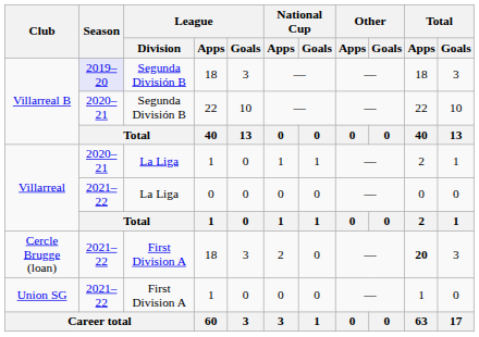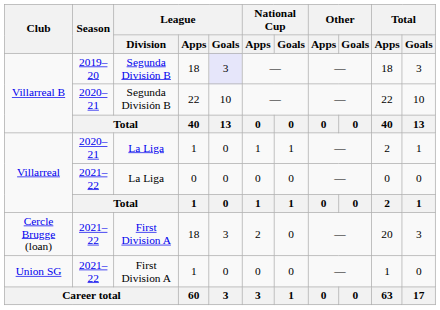 <table class="wikitable" style="text-align:center">
 <tr>
 <th rowspan="2">Club</th>
 <th rowspan="2">Season</th>
 <th colspan="3">League</th>
 <th colspan="2">National Cup</th>
 <th colspan="2">Other</th>
 <th colspan="2">Total</th>
 </tr>
 <tr>
 <th>Division</th>
 <th>Apps</th>
 <th>Goals</th>
 <th>Apps</th>
 <th>Goals</th>
 <th>Apps</th>
 <th>Goals</th>
 <th>Apps</th>
 <th>Goals</th>
 </tr>
 <tr>
 <td rowspan="3"><a href='#'>Villarreal B</a></td>
-<td style="background: lavender;"><a href='#'>2019–20</a></td>
+<td><a href='#'>2019–20</a></td>
 <td><a href='#'>Segunda División B</a></td>
 <td>18</td>
-<td>3</td>
+<td style="background: lavender;">3</td>
 <td colspan="2">—</td>
 <td colspan="2">—</td>
 <td>18</td>
 <td>3</td>
 </tr>
 <tr>
 <td><a href='#'>2020–21</a></td>
 <td>Segunda División B</td>
 <td>22</td>
 <td>10</td>
 <td colspan="2">—</td>
 <td colspan="2">—</td>
 <td>22</td>
 <td>10</td>
 </tr>
 <tr>
 <th colspan="2">Total</th>
 <th>40</th>
 <th>13</th>
 <th>0</th>
 <th>0</th>
 <th>0</th>
 <th>0</th>
 <th>40</th>
 <th>13</th>
 </tr>
 <tr>
 <td rowspan="3"><a href='#'>Villarreal</a></td>
 <td><a href='#'>2020–21</a></td>
 <td><a href='#'>La Liga</a></td>
 <td>1</td>
 <td>0</td>
 <td>1</td>
 <td>1</td>
 <td colspan="2">—</td>
 <td>2</td>
 <td>1</td>
 </tr>
 <tr>
 <td><a href='#'>2021–22</a></td>
 <td>La Liga</td>
 <td>0</td>
 <td>0</td>
 <td>0</td>
 <td>0</td>
 <td colspan="2">—</td>
 <td>0</td>
 <td>0</td>
 </tr>
 <tr>
 <th colspan="2">Total</th>
 <th>1</th>
 <th>0</th>
 <th>1</th>
 <th>1</th>
 <th>0</th>
 <th>0</th>
 <th>2</th>
 <th>1</th>
 </tr>
 <tr>
 <td><a href='#'>Cercle Brugge</a> (loan)</td>
 <td><a href='#'>2021–22</a></td>
 <td><a href='#'>First Division A</a></td>
 <td>18</td>
 <td>3</td>
 <td>2</td>
 <td>0</td>
 <td colspan="2">—</td>
-<td><strong>20</strong></td>
+<td>20</td>
 <td>3</td>
 </tr>
 <tr>
 <td><a href='#'>Union SG</a></td>
 <td><a href='#'>2021–22</a></td>
 <td>First Division A</td>
 <td>1</td>
 <td>0</td>
 <td>0</td>
 <td>0</td>
 <td colspan="2">—</td>
 <td>1</td>
 <td>0</td>
 </tr>
 <tr>
 <th colspan="3">Career total</th>
 <th>60</th>
 <th>3</th>
 <th>3</th>
 <th>1</th>
 <th>0</th>
 <th>0</th>
 <th>63</th>
 <th>17</th>
 </tr>
 </table>
